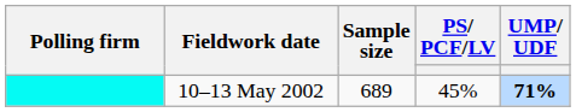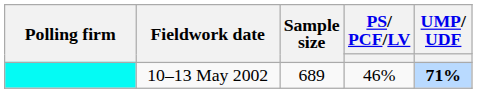 <table class="wikitable sortable" style="text-align:center;font-size:90%;line-height:14px;">
 <tr style="height:40px;">
 <th style="width:100px;" rowspan="2">Polling firm</th>
 <th style="width:110px;" rowspan="2">Fieldwork date</th>
 <th style="width:35px;" rowspan="2">Sample<br>size</th>
 <th class="unsortable" style="width:40px;"><a href='#'>PS</a>/<br><a href='#'>PCF</a>/<a href='#'>LV</a></th>
 <th class="unsortable" style="width:40px;"><a href='#'>UMP</a>/<br><a href='#'>UDF</a></th>
 </tr>
 <tr>
 <th style="background:"></th>
 <th style="background:"></th>
 </tr>
 <tr>
 <td style="background:#04FBF4;"></td>
 <td data-sort-value="2002-05-13">10–13 May 2002</td>
 <td>689</td>
-<td>45%</td>
+<td>46%</td>
 <td style="background:#B9DAFF;"><strong>71%</strong></td>
 </tr>
 </table>
